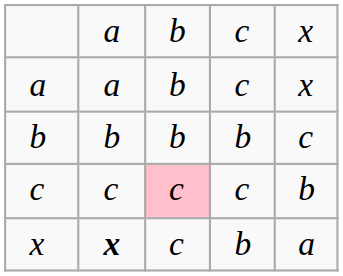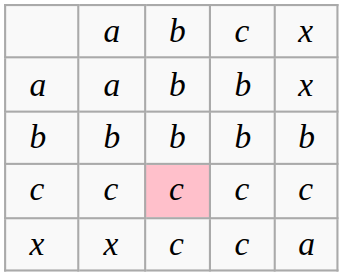 <table class="wikitable" style="margin:1em auto;">
 <tr>
 <td>       </td>
 <td>  <em>a</em>  </td>
 <td>  <em>b</em>  </td>
 <td>  <em>c</em>  </td>
 <td>  <em>x</em>  </td>
 </tr>
 <tr>
 <td>  <em>a</em></td>
 <td>  <em>a</em></td>
 <td>  <em>b</em></td>
-<td>  <em>c</em></td>
+<td>  <em>b</em></td>
 <td>  <em>x</em></td>
 </tr>
 <tr>
 <td>  <em>b</em></td>
 <td>  <em>b</em></td>
 <td>  <em>b</em></td>
 <td>  <em>b</em></td>
-<td>  <em>c</em></td>
+<td>  <em>b</em></td>
 </tr>
 <tr>
 <td>  <em>c</em></td>
 <td>  <em>c</em></td>
 <td style="background: pink;">  <em>c</em></td>
 <td>  <em>c</em></td>
-<td>  <em>b</em></td>
+<td>  <em>c</em></td>
 </tr>
 <tr>
 <td>  <em>x</em></td>
-<td><strong>  <em>x</em></strong></td>
+<td>  <em>x</em></td>
 <td>  <em>c</em></td>
-<td>  <em>b</em></td>
+<td>  <em>c</em></td>
 <td>  <em>a</em></td>
 </tr>
 </table>
